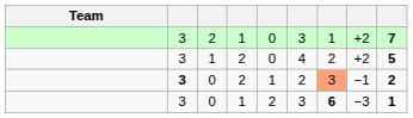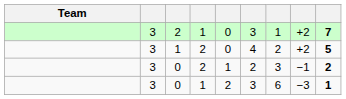 <table class="wikitable" style="text-align: center; font-size: 90%;">
 <tr>
 <th width=165>Team</th>
 <th width=25></th>
 <th width=25></th>
 <th width=25></th>
 <th width=25></th>
 <th width=25></th>
 <th width=25></th>
 <th width=25></th>
 <th width=25></th>
 </tr>
 <tr style="background:#cfc;">
 <td align="left"><em></em></td>
 <td>3</td>
 <td>2</td>
 <td>1</td>
 <td>0</td>
 <td>3</td>
 <td>1</td>
 <td>+2</td>
 <td><strong>7</strong></td>
 </tr>
 <tr>
 <td align="left"></td>
 <td>3</td>
 <td>1</td>
 <td>2</td>
 <td>0</td>
 <td>4</td>
 <td>2</td>
 <td>+2</td>
 <td><strong>5</strong></td>
 </tr>
 <tr>
 <td align="left"></td>
-<td><strong>3</strong></td>
+<td>3</td>
 <td>0</td>
 <td>2</td>
 <td>1</td>
 <td>2</td>
-<td style="background: lightsalmon;">3</td>
+<td>3</td>
 <td>−1</td>
 <td><strong>2</strong></td>
 </tr>
 <tr>
 <td align="left"></td>
 <td>3</td>
 <td>0</td>
 <td>1</td>
 <td>2</td>
 <td>3</td>
-<td><strong>6</strong></td>
+<td>6</td>
 <td>−3</td>
 <td><strong>1</strong></td>
 </tr>
 </table>
